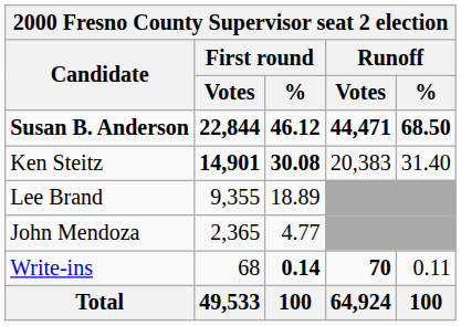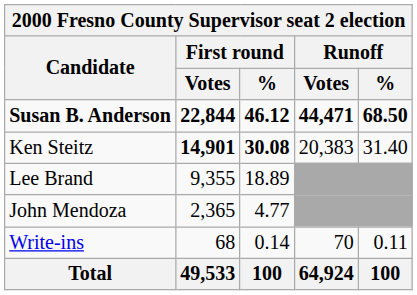 <table class=wikitable>
 <tr>
 <th colspan=5>2000 Fresno County Supervisor seat 2 election</th>
 </tr>
 <tr>
 <th colspan=1 rowspan=2>Candidate</th>
 <th colspan=2>First round</th>
 <th colspan=2>Runoff</th>
 </tr>
 <tr>
 <th>Votes</th>
 <th>%</th>
 <th>Votes</th>
 <th>%</th>
 </tr>
 <tr>
 <td><strong>Susan B. Anderson</strong></td>
 <td align="right"><strong>22,844</strong></td>
 <td align="right"><strong>46.12</strong></td>
 <td align="right"><strong>44,471</strong></td>
 <td align="right"><strong>68.50</strong></td>
 </tr>
 <tr>
 <td>Ken Steitz</td>
 <td align="right"><strong>14,901</strong></td>
 <td align="right"><strong>30.08</strong></td>
 <td align="right">20,383</td>
 <td align="right">31.40</td>
 </tr>
 <tr>
 <td>Lee Brand</td>
 <td align="right">9,355</td>
 <td align="right">18.89</td>
 <td colspan=2 bgcolor=darkgray></td>
 </tr>
 <tr>
 <td>John Mendoza</td>
 <td align="right">2,365</td>
 <td align="right">4.77</td>
 <td colspan=2 bgcolor=darkgray></td>
 </tr>
 <tr>
 <td><a href='#'>Write-ins</a></td>
 <td align="right">68</td>
-<td align="right"><strong>0.14</strong></td>
-<td align="right"><strong>70</strong></td>
+<td align="right">0.14</td>
+<td align="right">70</td>
 <td align="right">0.11</td>
 </tr>
 <tr>
 <th>Total</th>
 <th>49,533</th>
 <th>100</th>
 <th>64,924</th>
 <th>100</th>
 </tr>
 </table>
